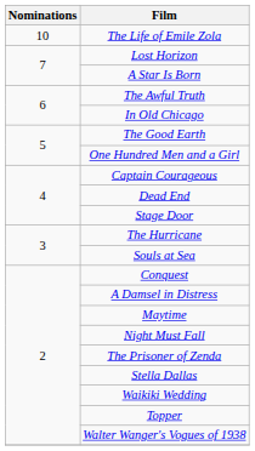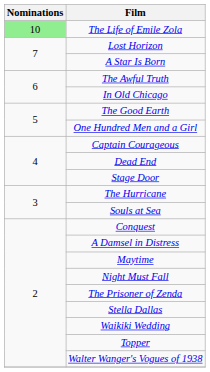 <table class="wikitable" rowspan="2" style="text-align:center;">
 <tr>
 <th scope="col" style="width:55px;">Nominations</th>
 <th scope="col" style="text-align:center;">Film</th>
 </tr>
 <tr>
-<td rowspan="1" style="text-align:center">10</td>
+<td rowspan="1" style="background: lightgreen; text-align:center">10</td>
 <td><em><a href='#'>The Life of Emile Zola</a></em></td>
 </tr>
 <tr>
 <td rowspan="2" style="text-align:center">7</td>
 <td><em><a href='#'>Lost Horizon</a></em></td>
 </tr>
 <tr>
 <td><em><a href='#'>A Star Is Born</a></em></td>
 </tr>
 <tr>
 <td rowspan="2" style="text-align:center">6</td>
 <td><em><a href='#'>The Awful Truth</a></em></td>
 </tr>
 <tr>
 <td><em><a href='#'>In Old Chicago</a></em></td>
 </tr>
 <tr>
 <td rowspan="2" style="text-align:center">5</td>
 <td><em><a href='#'>The Good Earth</a></em></td>
 </tr>
 <tr>
 <td><em><a href='#'>One Hundred Men and a Girl</a></em></td>
 </tr>
 <tr>
 <td rowspan="3" style="text-align:center">4</td>
 <td><em><a href='#'>Captain Courageous</a></em></td>
 </tr>
 <tr>
 <td><em><a href='#'>Dead End</a></em></td>
 </tr>
 <tr>
 <td><em><a href='#'>Stage Door</a></em></td>
 </tr>
 <tr>
 <td rowspan="2" style="text-align:center">3</td>
 <td><em><a href='#'>The Hurricane</a></em></td>
 </tr>
 <tr>
 <td><em><a href='#'>Souls at Sea</a></em></td>
 </tr>
 <tr>
 <td rowspan="9" style="text-align:center">2</td>
 <td><em><a href='#'>Conquest</a></em></td>
 </tr>
 <tr>
 <td><em><a href='#'>A Damsel in Distress</a></em></td>
 </tr>
 <tr>
 <td><em><a href='#'>Maytime</a></em></td>
 </tr>
 <tr>
 <td><em><a href='#'>Night Must Fall</a></em></td>
 </tr>
 <tr>
 <td><em><a href='#'>The Prisoner of Zenda</a></em></td>
 </tr>
 <tr>
 <td><em><a href='#'>Stella Dallas</a></em></td>
 </tr>
 <tr>
 <td><em><a href='#'>Waikiki Wedding</a></em></td>
 </tr>
 <tr>
 <td><em><a href='#'>Topper</a></em></td>
 </tr>
 <tr>
 <td><em><a href='#'>Walter Wanger's Vogues of 1938</a></em></td>
 </tr>
 <tr>
 </tr>
 </table>
